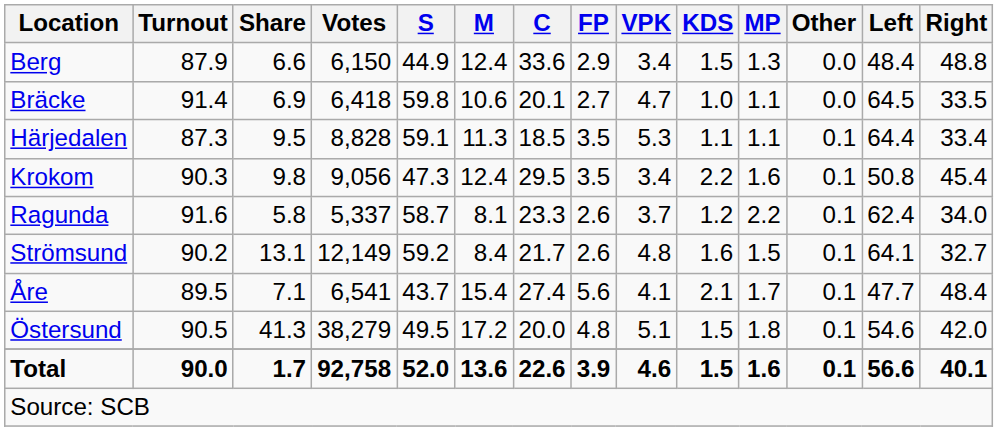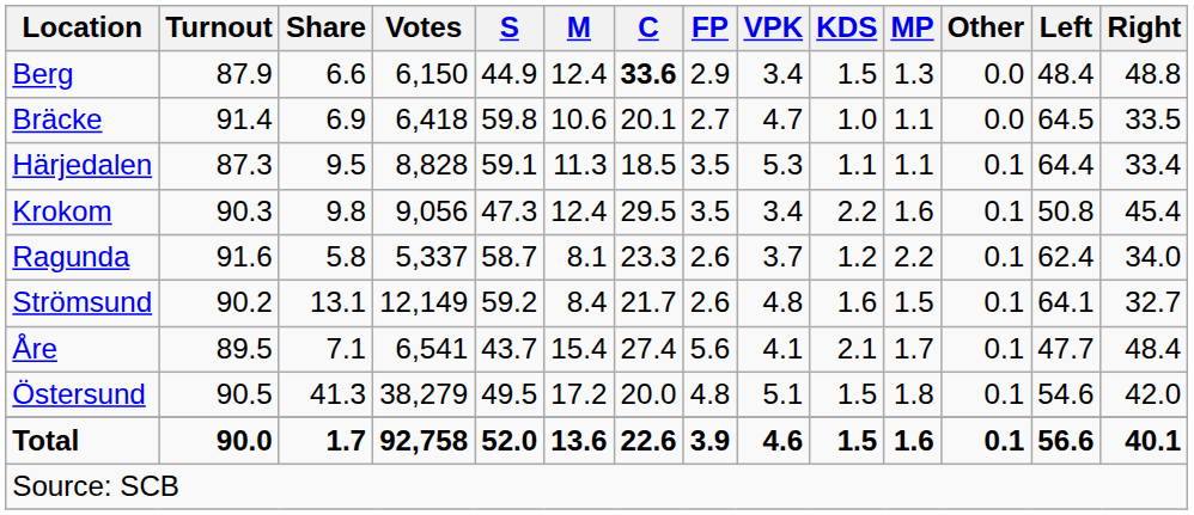 <table class="wikitable sortable" style=text-align:right>
 <tr>
 <th>Location</th>
 <th>Turnout</th>
 <th>Share</th>
 <th>Votes</th>
 <th><a href='#'>S</a></th>
 <th><a href='#'>M</a></th>
 <th><a href='#'>C</a></th>
 <th><a href='#'>FP</a></th>
 <th><a href='#'>VPK</a></th>
 <th><a href='#'>KDS</a></th>
 <th><a href='#'>MP</a></th>
 <th>Other</th>
 <th>Left</th>
 <th>Right</th>
 </tr>
 <tr>
 <td align=left><a href='#'>Berg</a></td>
 <td>87.9</td>
 <td>6.6</td>
 <td>6,150</td>
 <td>44.9</td>
 <td>12.4</td>
-<td>33.6</td>
+<td><strong>33.6</strong></td>
 <td>2.9</td>
 <td>3.4</td>
 <td>1.5</td>
 <td>1.3</td>
 <td>0.0</td>
 <td>48.4</td>
 <td>48.8</td>
 </tr>
 <tr>
 <td align=left><a href='#'>Bräcke</a></td>
 <td>91.4</td>
 <td>6.9</td>
 <td>6,418</td>
 <td>59.8</td>
 <td>10.6</td>
 <td>20.1</td>
 <td>2.7</td>
 <td>4.7</td>
 <td>1.0</td>
 <td>1.1</td>
 <td>0.0</td>
 <td>64.5</td>
 <td>33.5</td>
 </tr>
 <tr>
 <td align=left><a href='#'>Härjedalen</a></td>
 <td>87.3</td>
 <td>9.5</td>
 <td>8,828</td>
 <td>59.1</td>
 <td>11.3</td>
 <td>18.5</td>
 <td>3.5</td>
 <td>5.3</td>
 <td>1.1</td>
 <td>1.1</td>
 <td>0.1</td>
 <td>64.4</td>
 <td>33.4</td>
 </tr>
 <tr>
 <td align=left><a href='#'>Krokom</a></td>
 <td>90.3</td>
 <td>9.8</td>
 <td>9,056</td>
 <td>47.3</td>
 <td>12.4</td>
 <td>29.5</td>
 <td>3.5</td>
 <td>3.4</td>
 <td>2.2</td>
 <td>1.6</td>
 <td>0.1</td>
 <td>50.8</td>
 <td>45.4</td>
 </tr>
 <tr>
 <td align=left><a href='#'>Ragunda</a></td>
 <td>91.6</td>
 <td>5.8</td>
 <td>5,337</td>
 <td>58.7</td>
 <td>8.1</td>
 <td>23.3</td>
 <td>2.6</td>
 <td>3.7</td>
 <td>1.2</td>
 <td>2.2</td>
 <td>0.1</td>
 <td>62.4</td>
 <td>34.0</td>
 </tr>
 <tr>
 <td align=left><a href='#'>Strömsund</a></td>
 <td>90.2</td>
 <td>13.1</td>
 <td>12,149</td>
 <td>59.2</td>
 <td>8.4</td>
 <td>21.7</td>
 <td>2.6</td>
 <td>4.8</td>
 <td>1.6</td>
 <td>1.5</td>
 <td>0.1</td>
 <td>64.1</td>
 <td>32.7</td>
 </tr>
 <tr>
 <td align=left><a href='#'>Åre</a></td>
 <td>89.5</td>
 <td>7.1</td>
 <td>6,541</td>
 <td>43.7</td>
 <td>15.4</td>
 <td>27.4</td>
 <td>5.6</td>
 <td>4.1</td>
 <td>2.1</td>
 <td>1.7</td>
 <td>0.1</td>
 <td>47.7</td>
 <td>48.4</td>
 </tr>
 <tr>
 <td align=left><a href='#'>Östersund</a></td>
 <td>90.5</td>
 <td>41.3</td>
 <td>38,279</td>
 <td>49.5</td>
 <td>17.2</td>
 <td>20.0</td>
 <td>4.8</td>
 <td>5.1</td>
 <td>1.5</td>
 <td>1.8</td>
 <td>0.1</td>
 <td>54.6</td>
 <td>42.0</td>
 </tr>
 <tr style="background:#CDCDCD;">
 </tr>
 <tr>
 <td align=left><strong>Total</strong></td>
 <td><strong>90.0</strong></td>
 <td><strong>1.7</strong></td>
 <td><strong>92,758</strong></td>
 <td><strong>52.0</strong></td>
 <td><strong>13.6</strong></td>
 <td><strong>22.6</strong></td>
 <td><strong>3.9</strong></td>
 <td><strong>4.6</strong></td>
 <td><strong>1.5</strong></td>
 <td><strong>1.6</strong></td>
 <td><strong>0.1</strong></td>
 <td><strong>56.6</strong></td>
 <td><strong>40.1</strong></td>
 </tr>
 <tr>
 <td align=left colspan=14>Source: SCB </td>
 </tr>
 </table>
